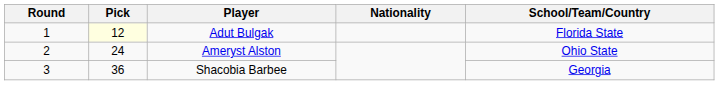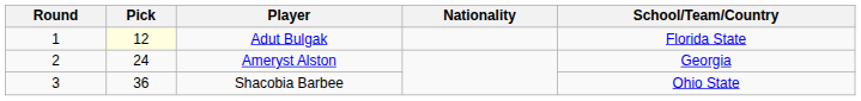 <table class="wikitable" style="text-align:center; width:60em">
 <tr>
 <th>Round</th>
 <th>Pick</th>
 <th>Player</th>
 <th>Nationality</th>
 <th>School/Team/Country</th>
 </tr>
 <tr>
 <td>1</td>
 <td style="background: lightyellow;">12</td>
 <td><a href='#'>Adut Bulgak</a></td>
 <td></td>
 <td><a href='#'>Florida State</a></td>
 </tr>
 <tr>
 <td>2</td>
 <td>24</td>
 <td><a href='#'>Ameryst Alston</a></td>
 <td rowspan=2></td>
-<td><a href='#'>Ohio State</a></td>
+<td><a href='#'>Georgia</a></td>
 </tr>
 <tr>
 <td>3</td>
 <td>36</td>
 <td>Shacobia Barbee</td>
-<td><a href='#'>Georgia</a></td>
+<td><a href='#'>Ohio State</a></td>
 </tr>
 </table>
